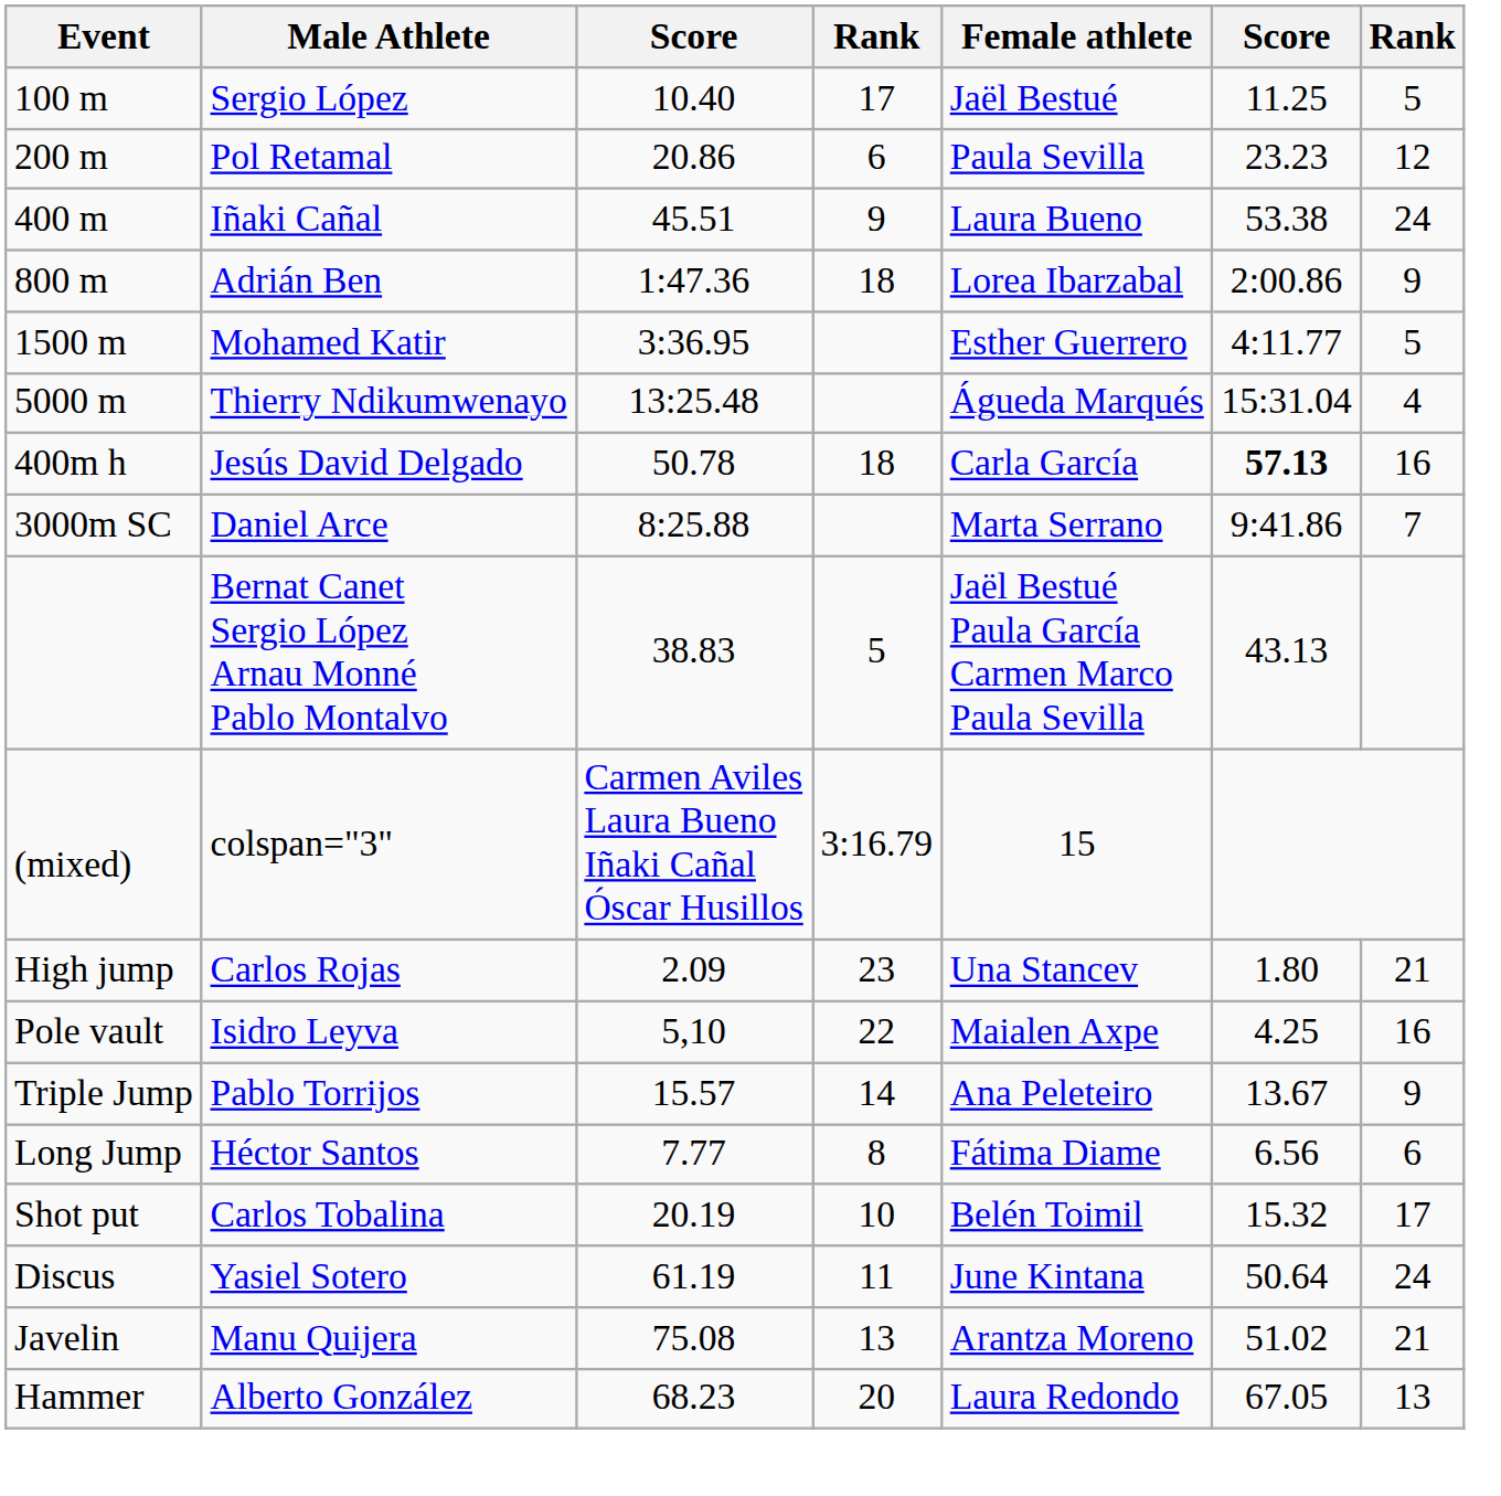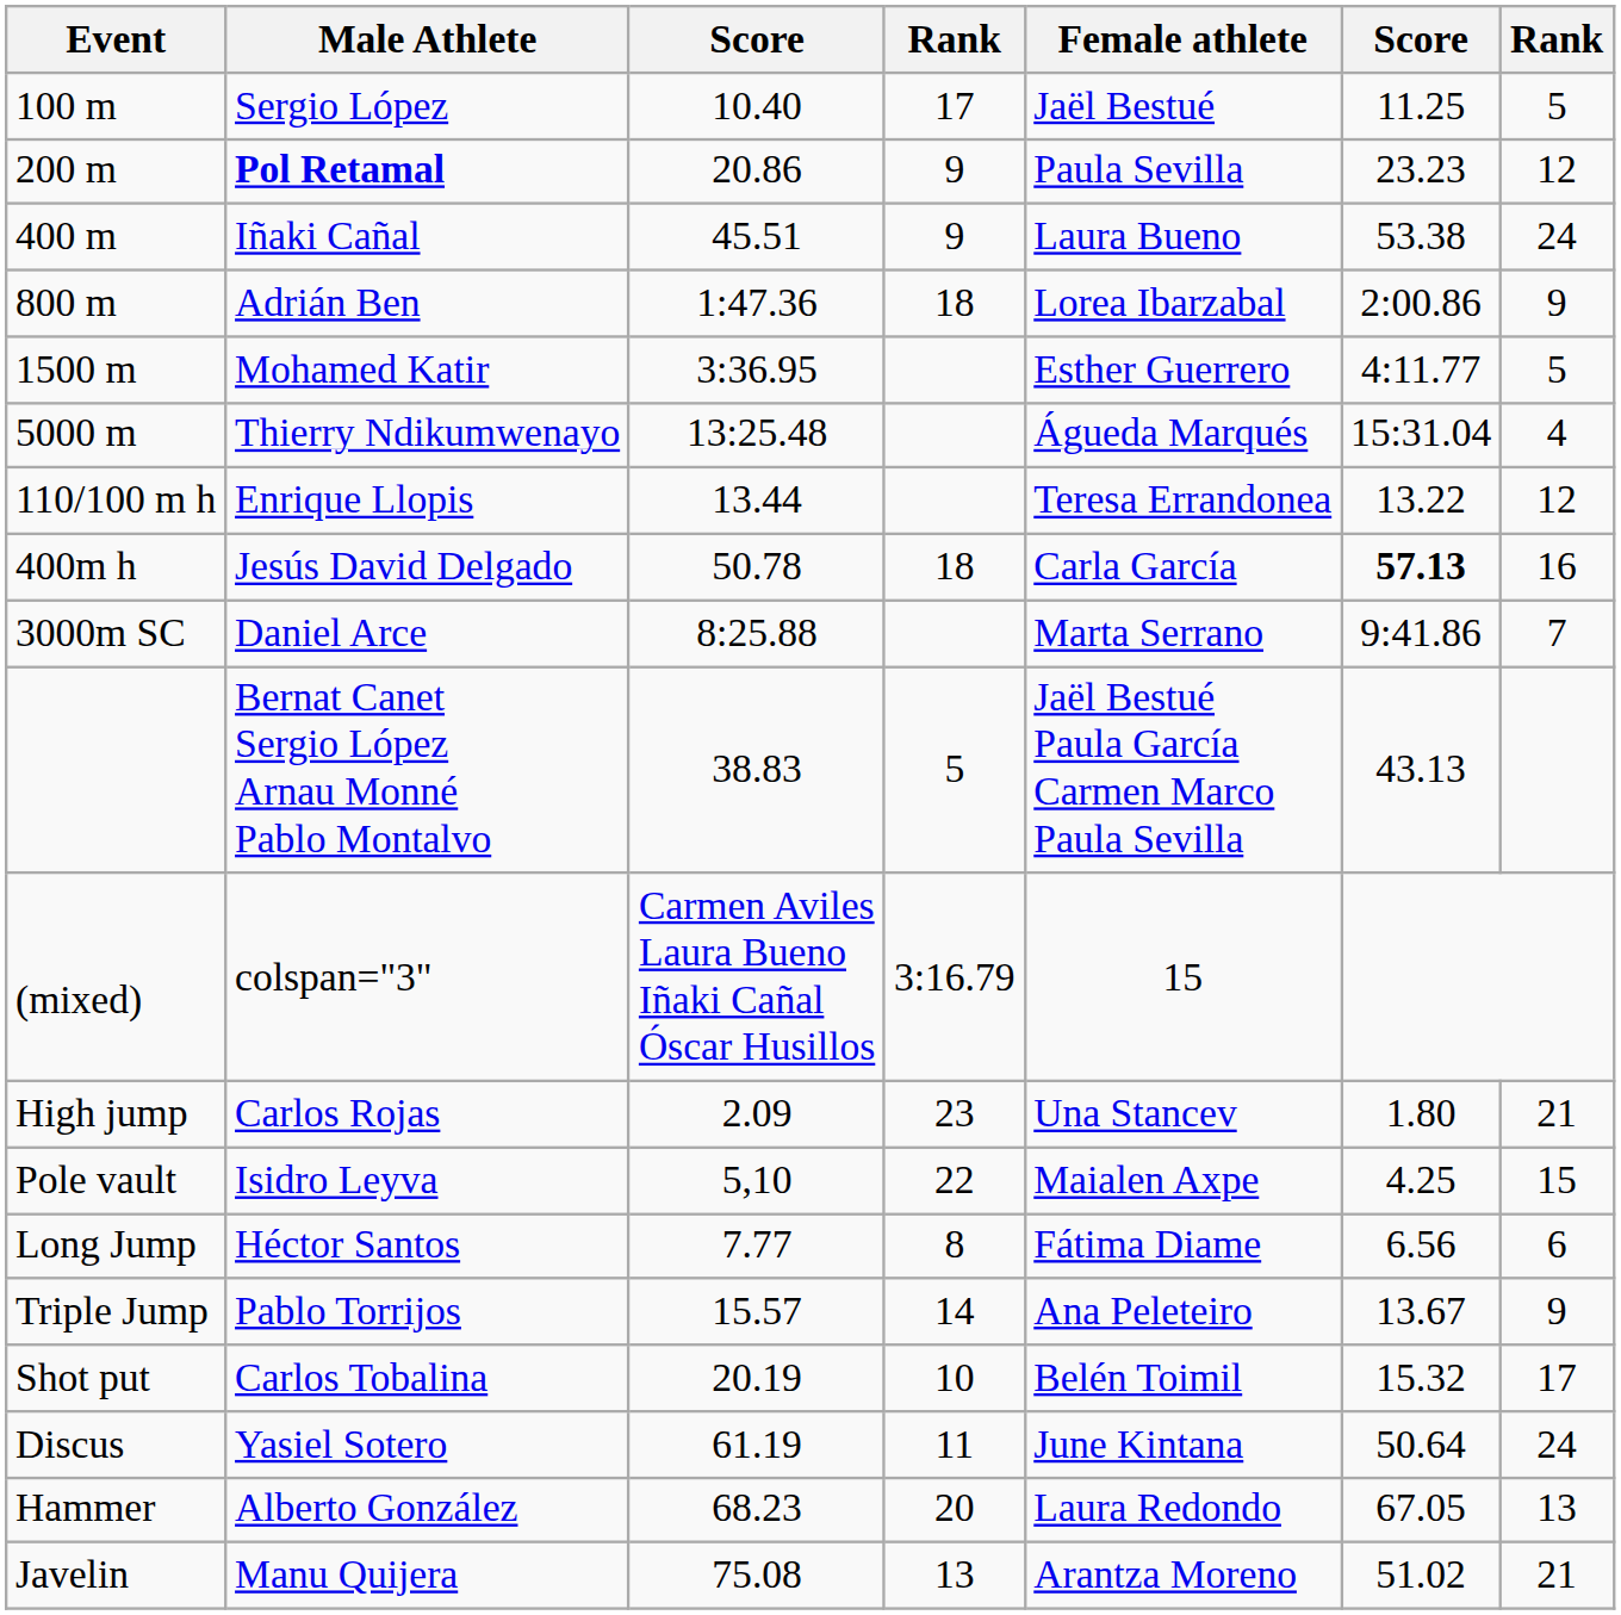 <table class="wikitable" style="text-align:left; font-size:90%">
 <tr>
 <th>Event</th>
 <th>Male Athlete</th>
 <th>Score</th>
 <th>Rank</th>
 <th>Female athlete</th>
 <th>Score</th>
 <th>Rank</th>
 </tr>
 <tr>
 <td align="left">100 m</td>
 <td><a href='#'>Sergio López</a></td>
 <td style="text-align:center">10.40</td>
 <td style="text-align:center">17</td>
 <td><a href='#'>Jaël Bestué</a></td>
 <td style="text-align:center">11.25</td>
 <td style="text-align:center">5</td>
 </tr>
 <tr>
 <td>200 m</td>
-<td><a href='#'>Pol Retamal</a></td>
+<td><strong><a href='#'>Pol Retamal</a></strong></td>
 <td style="text-align:center">20.86</td>
-<td style="text-align:center">6</td>
+<td style="text-align:center">9</td>
 <td><a href='#'>Paula Sevilla</a></td>
 <td style="text-align:center">23.23</td>
 <td style="text-align:center">12</td>
 </tr>
 <tr>
 <td>400 m</td>
 <td><a href='#'>Iñaki Cañal</a></td>
 <td style="text-align:center">45.51</td>
 <td style="text-align:center">9</td>
 <td><a href='#'>Laura Bueno</a></td>
 <td style="text-align:center">53.38</td>
 <td style="text-align:center">24</td>
 </tr>
 <tr>
 <td>800 m</td>
 <td><a href='#'>Adrián Ben</a></td>
 <td style="text-align:center">1:47.36</td>
 <td style="text-align:center">18</td>
 <td><a href='#'>Lorea Ibarzabal</a></td>
 <td style="text-align:center">2:00.86</td>
 <td style="text-align:center">9</td>
 </tr>
 <tr>
 <td>1500 m</td>
 <td><a href='#'>Mohamed Katir</a></td>
 <td style="text-align:center">3:36.95</td>
 <td style="text-align:center"></td>
 <td><a href='#'>Esther Guerrero</a></td>
 <td style="text-align:center">4:11.77</td>
 <td style="text-align:center">5</td>
 </tr>
 <tr>
 <td>5000 m</td>
 <td><a href='#'>Thierry Ndikumwenayo</a></td>
 <td style="text-align:center">13:25.48</td>
 <td style="text-align:center"></td>
 <td><a href='#'>Águeda Marqués</a></td>
 <td style="text-align:center">15:31.04</td>
 <td style="text-align:center">4</td>
+</tr>
+<tr>
+<td>110/100 m h</td>
+<td><a href='#'>Enrique Llopis</a></td>
+<td style="text-align:center">13.44</td>
+<td style="text-align:center"></td>
+<td><a href='#'>Teresa Errandonea</a></td>
+<td style="text-align:center">13.22</td>
+<td style="text-align:center">12</td>
 </tr>
 <tr>
 <td>400m h</td>
 <td><a href='#'>Jesús David Delgado</a></td>
 <td style="text-align:center">50.78</td>
 <td style="text-align:center">18</td>
 <td><a href='#'>Carla García</a></td>
 <td style="text-align:center"><strong>57.13</strong></td>
 <td style="text-align:center">16</td>
 </tr>
 <tr>
 <td>3000m SC</td>
 <td><a href='#'>Daniel Arce</a></td>
 <td style="text-align:center">8:25.88</td>
 <td style="text-align:center"></td>
 <td><a href='#'>Marta Serrano</a></td>
 <td style="text-align:center">9:41.86</td>
 <td style="text-align:center">7</td>
 </tr>
 <tr>
 <td></td>
 <td><a href='#'>Bernat Canet</a><br><a href='#'>Sergio López</a><br><a href='#'>Arnau Monné</a><br><a href='#'>Pablo Montalvo</a></td>
 <td style="text-align:center">38.83</td>
 <td style="text-align:center">5</td>
 <td><a href='#'>Jaël Bestué</a><br><a href='#'>Paula García</a><br><a href='#'>Carmen Marco</a><br><a href='#'>Paula Sevilla</a></td>
 <td style="text-align:center">43.13</td>
 <td style="text-align:center"></td>
 </tr>
 <tr>
 <td><br>(mixed)</td>
 <td>colspan="3" </td>
 <td><a href='#'>Carmen Aviles</a><br><a href='#'>Laura Bueno</a><br><a href='#'>Iñaki Cañal</a><br><a href='#'>Óscar Husillos</a></td>
 <td style="text-align:center">3:16.79</td>
 <td style="text-align:center">15</td>
 </tr>
 <tr>
 <td>High jump</td>
 <td><a href='#'>Carlos Rojas</a></td>
 <td style="text-align:center">2.09</td>
 <td style="text-align:center">23</td>
 <td><a href='#'>Una Stancev</a></td>
 <td style="text-align:center">1.80</td>
 <td style="text-align:center">21</td>
 </tr>
 <tr>
 <td>Pole vault</td>
 <td><a href='#'>Isidro Leyva</a></td>
 <td style="text-align:center">5,10</td>
 <td style="text-align:center">22</td>
 <td><a href='#'>Maialen Axpe</a></td>
 <td style="text-align:center">4.25</td>
-<td style="text-align:center">16</td>
+<td style="text-align:center">15</td>
+</tr>
+<tr>
+<td>Long Jump</td>
+<td><a href='#'>Héctor Santos</a></td>
+<td style="text-align:center">7.77</td>
+<td style="text-align:center">8</td>
+<td><a href='#'>Fátima Diame</a></td>
+<td style="text-align:center">6.56</td>
+<td style="text-align:center">6</td>
 </tr>
 <tr>
 <td>Triple Jump</td>
 <td><a href='#'>Pablo Torrijos</a></td>
 <td style="text-align:center">15.57</td>
 <td style="text-align:center">14</td>
 <td><a href='#'>Ana Peleteiro</a></td>
 <td style="text-align:center">13.67</td>
 <td style="text-align:center">9</td>
-</tr>
-<tr>
-<td>Long Jump</td>
-<td><a href='#'>Héctor Santos</a></td>
-<td style="text-align:center">7.77</td>
-<td style="text-align:center">8</td>
-<td><a href='#'>Fátima Diame</a></td>
-<td style="text-align:center">6.56</td>
-<td style="text-align:center">6</td>
 </tr>
 <tr>
 <td>Shot put</td>
 <td><a href='#'>Carlos Tobalina</a></td>
 <td style="text-align:center">20.19</td>
 <td style="text-align:center">10</td>
 <td><a href='#'>Belén Toimil</a></td>
 <td style="text-align:center">15.32</td>
 <td style="text-align:center">17</td>
 </tr>
 <tr>
 <td>Discus</td>
 <td><a href='#'>Yasiel Sotero</a></td>
 <td style="text-align:center">61.19</td>
 <td style="text-align:center">11</td>
 <td><a href='#'>June Kintana</a></td>
 <td style="text-align:center">50.64</td>
 <td style="text-align:center">24</td>
 </tr>
 <tr>
+<td>Hammer</td>
+<td><a href='#'>Alberto González</a></td>
+<td style="text-align:center">68.23</td>
+<td style="text-align:center">20</td>
+<td><a href='#'>Laura Redondo</a></td>
+<td style="text-align:center">67.05</td>
+<td style="text-align:center">13</td>
+</tr>
+<tr>
 <td>Javelin</td>
 <td><a href='#'>Manu Quijera</a></td>
 <td style="text-align:center">75.08</td>
 <td style="text-align:center">13</td>
 <td><a href='#'>Arantza Moreno</a></td>
 <td style="text-align:center">51.02</td>
 <td style="text-align:center">21</td>
 </tr>
-<tr>
-<td>Hammer</td>
-<td><a href='#'>Alberto González</a></td>
-<td style="text-align:center">68.23</td>
-<td style="text-align:center">20</td>
-<td><a href='#'>Laura Redondo</a></td>
-<td style="text-align:center">67.05</td>
-<td style="text-align:center">13</td>
-</tr>
 </table>
